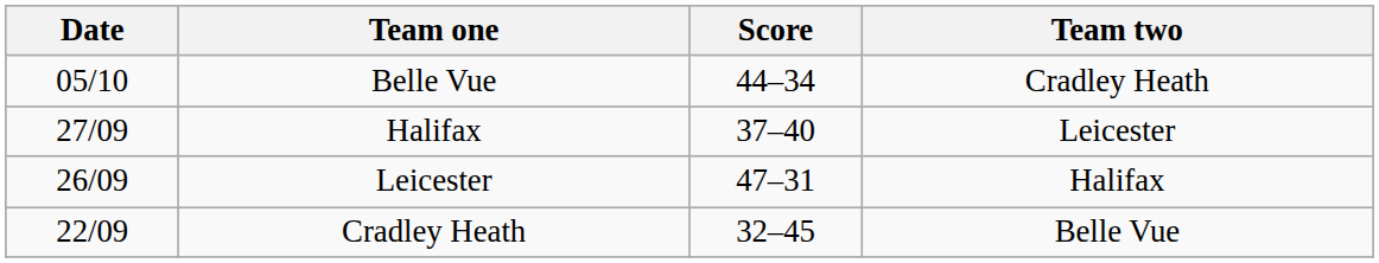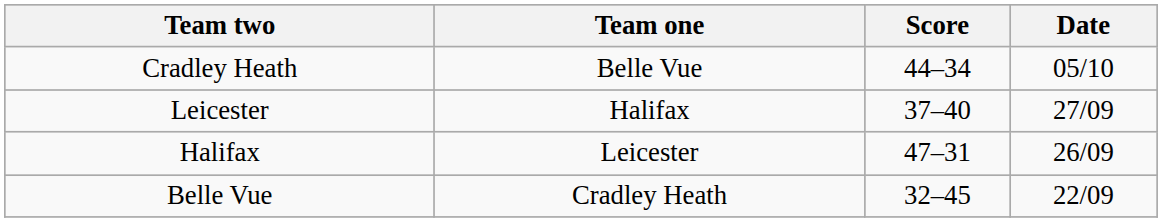 <table class="wikitable" style="text-align: center">
 <tr>
-<th width=80>Date</th>
+<th width=250>Team two</th>
 <th width=250>Team one</th>
 <th width=80>Score</th>
-<th width=250>Team two</th>
+<th width=80>Date</th>
 </tr>
 <tr>
-<td>05/10</td>
+<td>Cradley Heath</td>
 <td>Belle Vue</td>
 <td>44–34</td>
-<td>Cradley Heath</td>
+<td>05/10</td>
 </tr>
 <tr>
-<td>27/09</td>
+<td>Leicester</td>
 <td>Halifax</td>
 <td>37–40</td>
-<td>Leicester</td>
+<td>27/09</td>
 </tr>
 <tr>
-<td>26/09</td>
+<td>Halifax</td>
 <td>Leicester</td>
 <td>47–31</td>
-<td>Halifax</td>
+<td>26/09</td>
 </tr>
 <tr>
-<td>22/09</td>
+<td>Belle Vue</td>
 <td>Cradley Heath</td>
 <td>32–45</td>
-<td>Belle Vue</td>
+<td>22/09</td>
 </tr>
 </table>
